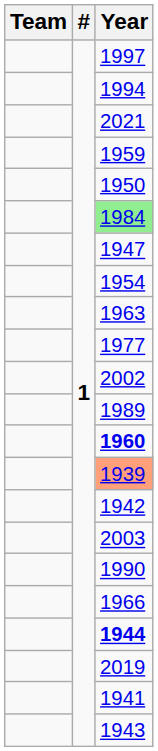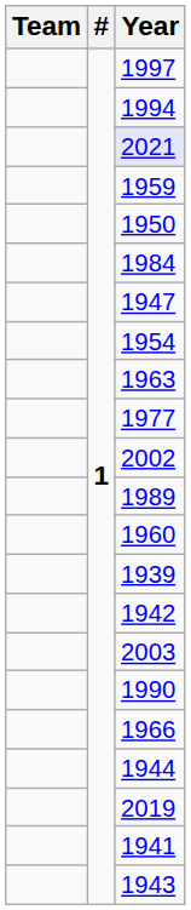 <table class="wikitable" style="text-align:center;">
 <tr>
 <th>Team</th>
 <th>#</th>
 <th class="unsortable">Year</th>
 </tr>
 <tr>
 <td style=><strong><a href='#'></a></strong></td>
 <td rowspan=22><strong>1</strong></td>
 <td style="font-size:90%;" align=left><a href='#'>1997</a></td>
 </tr>
 <tr>
 <td style=><strong><a href='#'></a></strong></td>
 <td style="font-size:90%;" align=left><a href='#'>1994</a></td>
 </tr>
 <tr>
 <td style=><strong></strong></td>
-<td style="font-size:90%;" align=left><a href='#'>2021</a></td>
+<td style="background: lavender; font-size:90%;" align=left><a href='#'>2021</a></td>
 </tr>
 <tr>
 <td style=><strong></strong></td>
 <td style="font-size:90%;" align=left><a href='#'>1959</a></td>
 </tr>
 <tr>
 <td style=><strong><a href='#'></a></strong></td>
 <td style="font-size:90%;" align=left><a href='#'>1950</a></td>
 </tr>
 <tr>
 <td style=><strong></strong></td>
-<td style="background: lightgreen; font-size:90%;" align=left><a href='#'>1984</a></td>
+<td style="font-size:90%;" align=left><a href='#'>1984</a></td>
 </tr>
 <tr>
 <td style=><strong><a href='#'></a></strong></td>
 <td style="font-size:90%;" align=left><a href='#'>1947</a></td>
 </tr>
 <tr>
 <td style=><strong></strong></td>
 <td style="font-size:90%;" align=left><a href='#'>1954</a></td>
 </tr>
 <tr>
 <td style=><strong></strong></td>
 <td style="font-size:90%;" align=left><a href='#'>1963</a></td>
 </tr>
 <tr>
 <td style=><strong></strong></td>
 <td style="font-size:90%;" align=left><a href='#'>1977</a></td>
 </tr>
 <tr>
 <td style=><strong><a href='#'></a></strong></td>
 <td style="font-size:90%;" align=left><a href='#'>2002</a></td>
 </tr>
 <tr>
 <td style=><strong></strong></td>
 <td style="font-size:90%;" align=left><a href='#'>1989</a></td>
 </tr>
 <tr>
 <td style=><strong><a href='#'></a></strong></td>
-<td style="font-size:90%;" align=left><strong><a href='#'>1960</a></strong></td>
+<td style="font-size:90%;" align=left><a href='#'>1960</a></td>
 </tr>
 <tr>
 <td style=><strong></strong></td>
-<td style="background: lightsalmon; font-size:90%;" align=left><a href='#'>1939</a></td>
+<td style="font-size:90%;" align=left><a href='#'>1939</a></td>
 </tr>
 <tr>
 <td style=><strong><a href='#'></a></strong></td>
 <td style="font-size:90%;" align=left><a href='#'>1942</a></td>
 </tr>
 <tr>
 <td style=><strong></strong></td>
 <td style="font-size:90%;" align=left><a href='#'>2003</a></td>
 </tr>
 <tr>
 <td style=><strong><a href='#'></a></strong></td>
 <td style="font-size:90%;" align=left><a href='#'>1990</a></td>
 </tr>
 <tr>
 <td style=><strong></strong></td>
 <td style="font-size:90%;" align=left><a href='#'>1966</a></td>
 </tr>
 <tr>
 <td style=><strong><a href='#'></a></strong></td>
-<td style="font-size:90%;" align=left><strong><a href='#'>1944</a></strong></td>
+<td style="font-size:90%;" align=left><a href='#'>1944</a></td>
 </tr>
 <tr>
 <td style=><strong><a href='#'></a></strong></td>
 <td style="font-size:90%;" align=left><a href='#'>2019</a></td>
 </tr>
 <tr>
 <td style=><strong><a href='#'></a></strong></td>
 <td style="font-size:90%;" align=left><a href='#'>1941</a></td>
 </tr>
 <tr>
 <td style=><strong></strong></td>
 <td style="font-size:90%;" align=left><a href='#'>1943</a></td>
 </tr>
 </table>
